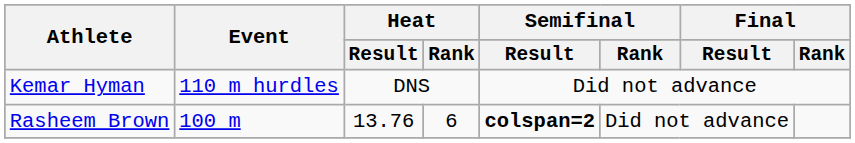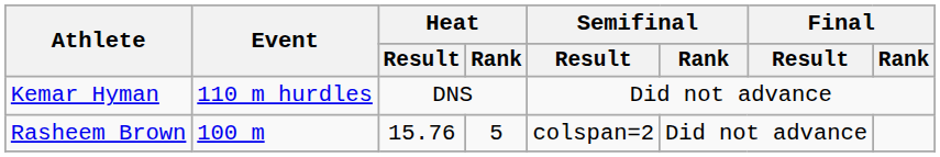 <table class="wikitable" style="font-size:90%; text-align:center">
 <tr>
 <th rowspan=2>Athlete</th>
 <th rowspan=2>Event</th>
 <th colspan=2>Heat</th>
 <th colspan=2>Semifinal</th>
 <th colspan=2>Final</th>
 </tr>
 <tr style="font-size:95%">
 <th>Result</th>
 <th>Rank</th>
 <th>Result</th>
 <th>Rank</th>
 <th>Result</th>
 <th>Rank</th>
 </tr>
 <tr>
 <td align=left><a href='#'>Kemar Hyman</a></td>
 <td align=left rowspan=1><a href='#'>110 m hurdles</a></td>
 <td colspan=2>DNS</td>
 <td colspan=4>Did not advance</td>
 </tr>
 <tr>
 <td align=left><a href='#'>Rasheem Brown</a></td>
 <td align=left rowspan=1><a href='#'>100 m</a></td>
-<td>13.76</td>
-<td>6</td>
-<td><strong>colspan=2 </strong></td>
+<td>15.76</td>
+<td>5</td>
+<td>colspan=2 </td>
 <td colspan=2>Did not advance</td>
 </tr>
 </table>
